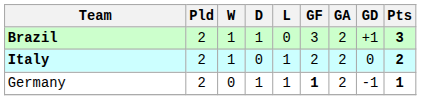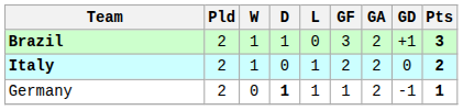 <table class="wikitable" style="text-align: center;">
 <tr>
 <th width=165>Team</th>
 <th width=20>Pld</th>
 <th width=20>W</th>
 <th width=20>D</th>
 <th width=20>L</th>
 <th width=20>GF</th>
 <th width=20>GA</th>
 <th width=20>GD</th>
 <th width=20>Pts</th>
 </tr>
 <tr bgcolor=#ccffcc>
 <td align=left> <strong>Brazil</strong></td>
 <td>2</td>
 <td>1</td>
 <td>1</td>
 <td>0</td>
 <td>3</td>
 <td>2</td>
 <td>+1</td>
 <td><strong>3</strong></td>
 </tr>
 <tr bgcolor=#ccffff>
 <td align=left> <strong>Italy</strong></td>
 <td>2</td>
 <td>1</td>
 <td>0</td>
 <td>1</td>
 <td>2</td>
 <td>2</td>
 <td>0</td>
 <td><strong>2</strong></td>
 </tr>
 <tr bgcolor=#ffffff>
 <td align=left> Germany</td>
 <td>2</td>
 <td>0</td>
+<td><strong>1</strong></td>
 <td>1</td>
 <td>1</td>
-<td><strong>1</strong></td>
 <td>2</td>
 <td>-1</td>
 <td><strong>1</strong></td>
 </tr>
 <tr>
 </tr>
 </table>
